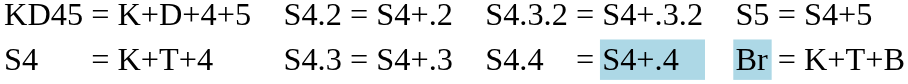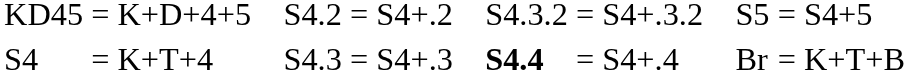 <table>
 <tr>
 <td>KD45</td>
 <td>=</td>
 <td>K+D+4+5</td>
 <td></td>
 <td></td>
 <td></td>
 <td>S4.2</td>
 <td>=</td>
 <td>S4+.2</td>
 <td></td>
 <td></td>
 <td></td>
 <td>S4.3.2</td>
 <td>=</td>
 <td>S4+.3.2</td>
 <td></td>
 <td></td>
 <td></td>
 <td>S5</td>
 <td>=</td>
 <td>S4+5</td>
 </tr>
 <tr>
 <td>S4</td>
 <td>=</td>
 <td>K+T+4</td>
 <td></td>
 <td></td>
 <td></td>
 <td>S4.3</td>
 <td>=</td>
 <td>S4+.3</td>
 <td></td>
 <td></td>
 <td></td>
-<td>S4.4</td>
+<td><strong>S4.4</strong></td>
 <td>=</td>
-<td style="background: lightblue;">S4+.4</td>
+<td>S4+.4</td>
 <td></td>
 <td></td>
 <td></td>
-<td style="background: lightblue;">Br</td>
+<td>Br</td>
 <td>=</td>
 <td>K+T+B</td>
 </tr>
 </table>
